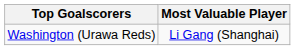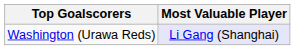 <table class="wikitable" style="text-align: center; margin: 0 auto;">
 <tr>
 <th>Top Goalscorers</th>
 <th>Most Valuable Player</th>
 </tr>
 <tr>
 <td> <a href='#'>Washington</a> (Urawa Reds)</td>
-<td> <a href='#'>Li Gang</a> (Shanghai)</td>
+<td style="background: lavender;"> <a href='#'>Li Gang</a> (Shanghai)</td>
 </tr>
 </table>
